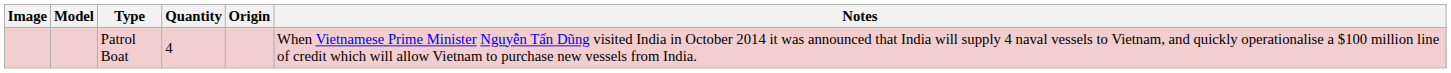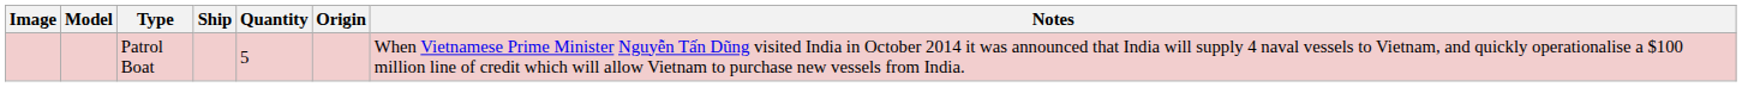 <table class="wikitable">
 <tr>
 <th>Image</th>
 <th>Model</th>
 <th>Type</th>
+<th>Ship</th>
 <th>Quantity</th>
 <th>Origin</th>
 <th>Notes</th>
 </tr>
 <tr>
 <td style="background: #F2CECE"></td>
 <td style="background: #F2CECE"></td>
 <td style="background: #F2CECE">Patrol Boat</td>
-<td style="background: #F2CECE">4</td>
+<td style="background: #F2CECE"></td>
+<td style="background: #F2CECE">5</td>
 <td style="background: #F2CECE"></td>
 <td style="background: #F2CECE">When <a href='#'>Vietnamese Prime Minister</a> <a href='#'>Nguyễn Tấn Dũng</a> visited India in October 2014 it was announced that India will supply 4 naval vessels to Vietnam, and quickly operationalise a $100 million line of credit which will allow Vietnam to purchase new vessels from India.</td>
 </tr>
 </table>
